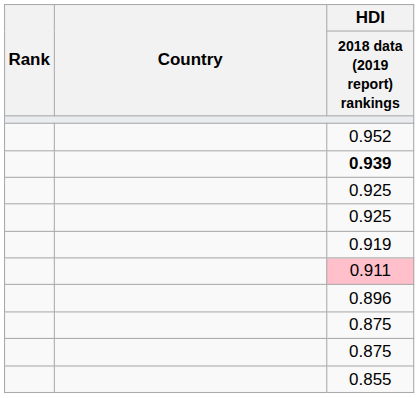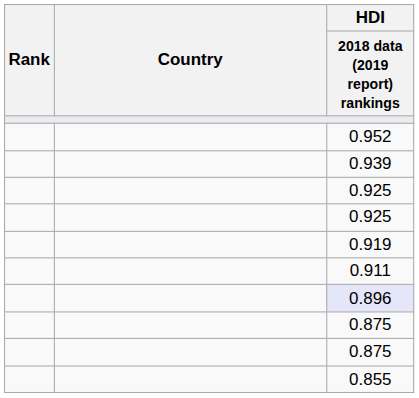 <table class="wikitable sortable" style="text-align:center">
 <tr>
 <th scope="col" rowspan="2" data-sort-type="number">Rank</th>
 <th scope="col" rowspan="2" style="width:250px;">Country</th>
 <th scope="col" colspan="2">HDI</th>
 </tr>
 <tr>
 <th scope="col" style="width:75px;" data-sort-type="number"><small>2018 data (2019 report) rankings</small></th>
 </tr>
 <tr>
 <td scope="row" colspan="4" style="color:#090; background-color:#EAECF0;"></td>
 </tr>
 <tr>
 <td></td>
 <td style="text-align:left"></td>
 <td>0.952</td>
 </tr>
 <tr>
 <td></td>
 <td style="text-align:left"></td>
-<td><strong>0.939</strong></td>
+<td>0.939</td>
 </tr>
 <tr>
 <td></td>
 <td style="text-align:left"></td>
 <td>0.925</td>
 </tr>
 <tr>
 <td></td>
 <td style="text-align:left"></td>
 <td>0.925</td>
 </tr>
 <tr>
 <td></td>
 <td style="text-align:left"></td>
 <td>0.919</td>
 </tr>
 <tr>
 <td></td>
 <td style="text-align:left"></td>
-<td style="background: pink;">0.911</td>
+<td>0.911</td>
 </tr>
 <tr>
 <td></td>
 <td style="text-align:left"></td>
-<td>0.896</td>
+<td style="background: lavender;">0.896</td>
 </tr>
 <tr>
 <td></td>
 <td style="text-align:left"></td>
 <td>0.875</td>
 </tr>
 <tr>
 <td></td>
 <td style="text-align:left"></td>
 <td>0.875</td>
 </tr>
 <tr>
 <td></td>
 <td style="text-align:left"></td>
 <td>0.855</td>
 </tr>
 </table>
